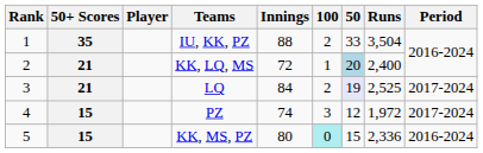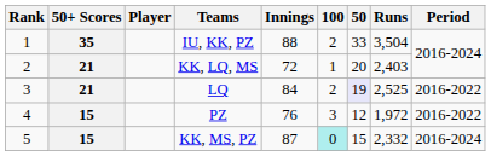 <table class="wikitable plainrowheaders sortable">
 <tr>
 <th>Rank</th>
 <th>50+ Scores</th>
 <th>Player</th>
 <th>Teams</th>
 <th>Innings</th>
 <th>100</th>
 <th>50</th>
 <th>Runs</th>
 <th>Period</th>
 </tr>
 <tr>
 <td style="text-align:center;">1</td>
 <th scope="row" style="text-align:center;"><strong>35</strong></th>
 <td></td>
 <td style="text-align:center;"><a href='#'>IU</a>, <a href='#'>KK</a>, <a href='#'>PZ</a></td>
 <td style="text-align:center;">88</td>
 <td style="text-align:center;">2</td>
 <td align=center>33</td>
 <td style="text-align:center;">3,504</td>
 <td style="text-align:center;" rowspan="2">2016-2024</td>
 </tr>
 <tr>
 <td align=center>2</td>
 <th scope=row style=text-align:center;><strong>21</strong></th>
 <td></td>
 <td align=center><a href='#'>KK</a>, <a href='#'>LQ</a>, <a href='#'>MS</a></td>
 <td align=center>72</td>
 <td align=center>1</td>
-<td align=center style="background: lightblue;">20</td>
-<td align=center>2,400</td>
+<td align=center>20</td>
+<td align=center>2,403</td>
 </tr>
 <tr>
 <td align=center>3</td>
 <th scope=row style=text-align:center;><strong>21</strong></th>
 <td></td>
 <td align=center><a href='#'>LQ</a></td>
 <td align=center>84</td>
 <td align=center>2</td>
 <td align=center style="background: lavender;">19</td>
 <td align=center>2,525</td>
-<td align=center>2017-2024</td>
+<td align=center>2016-2022</td>
 </tr>
 <tr>
 <td align=center>4</td>
 <th scope=row style=text-align:center;><strong>15</strong></th>
 <td></td>
 <td align=center><a href='#'>PZ</a></td>
-<td style="text-align:center;">74</td>
+<td style="text-align:center;">76</td>
 <td style="text-align:center">3</td>
 <td align=center>12</td>
 <td align=center>1,972</td>
-<td align=center>2017-2024</td>
+<td align=center>2016-2022</td>
 </tr>
 <tr>
 <td align=center>5</td>
 <th scope=row style=text-align:center;><strong>15</strong></th>
 <td></td>
 <td align=center><a href='#'>KK</a>, <a href='#'>MS</a>, <a href='#'>PZ</a></td>
-<td align=center>80</td>
+<td align=center>87</td>
 <td align=center style="background: paleturquoise;">0</td>
 <td align=center>15</td>
-<td align=center>2,336</td>
+<td align=center>2,332</td>
 <td align=center>2016-2024</td>
 </tr>
 </table>
